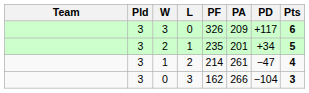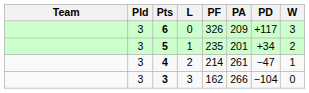 <table class=wikitable style="text-align:center">
 <tr>
 <th width=180>Team</th>
 <th width=30>Pld</th>
-<th width=30>W</th>
+<th width=30>Pts</th>
 <th width=30>L</th>
 <th width=30>PF</th>
 <th width=30>PA</th>
 <th width=30>PD</th>
-<th width=30>Pts</th>
+<th width=30>W</th>
 </tr>
 <tr bgcolor="#ccffcc">
 <td align="left"></td>
 <td>3</td>
-<td>3</td>
+<td><strong>6</strong></td>
 <td>0</td>
 <td>326</td>
 <td>209</td>
 <td>+117</td>
-<td><strong>6</strong></td>
+<td>3</td>
 </tr>
 <tr bgcolor="#ccffcc">
 <td align="left"></td>
 <td>3</td>
-<td>2</td>
+<td><strong>5</strong></td>
 <td>1</td>
 <td>235</td>
 <td>201</td>
 <td>+34</td>
-<td><strong>5</strong></td>
+<td>2</td>
 </tr>
 <tr>
 <td align="left"></td>
 <td>3</td>
-<td>1</td>
+<td><strong>4</strong></td>
 <td>2</td>
 <td>214</td>
 <td>261</td>
 <td>−47</td>
-<td><strong>4</strong></td>
+<td>1</td>
 </tr>
 <tr>
 <td align="left"></td>
 <td>3</td>
-<td>0</td>
+<td><strong>3</strong></td>
 <td>3</td>
 <td>162</td>
 <td>266</td>
 <td>−104</td>
-<td><strong>3</strong></td>
+<td>0</td>
 </tr>
 </table>
